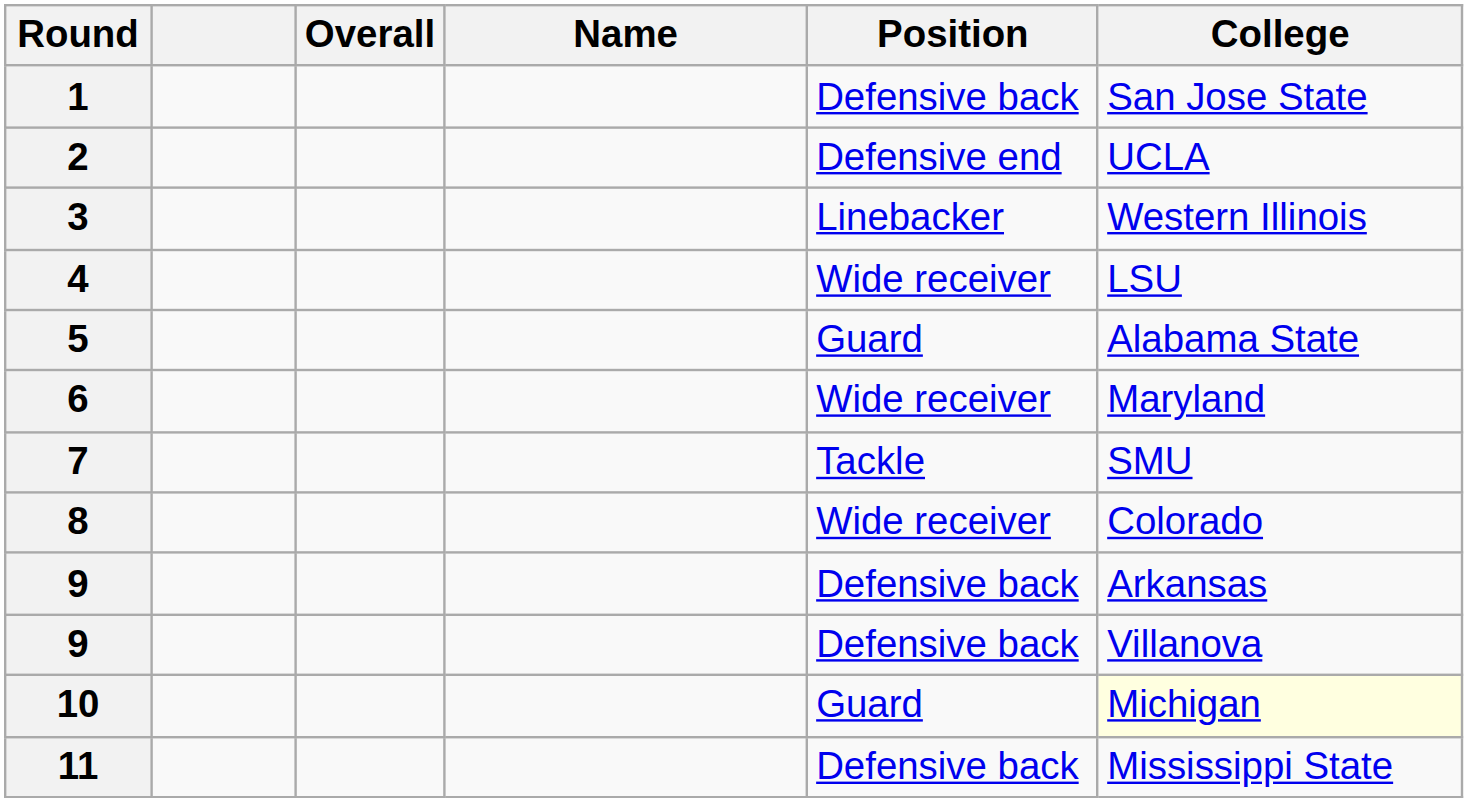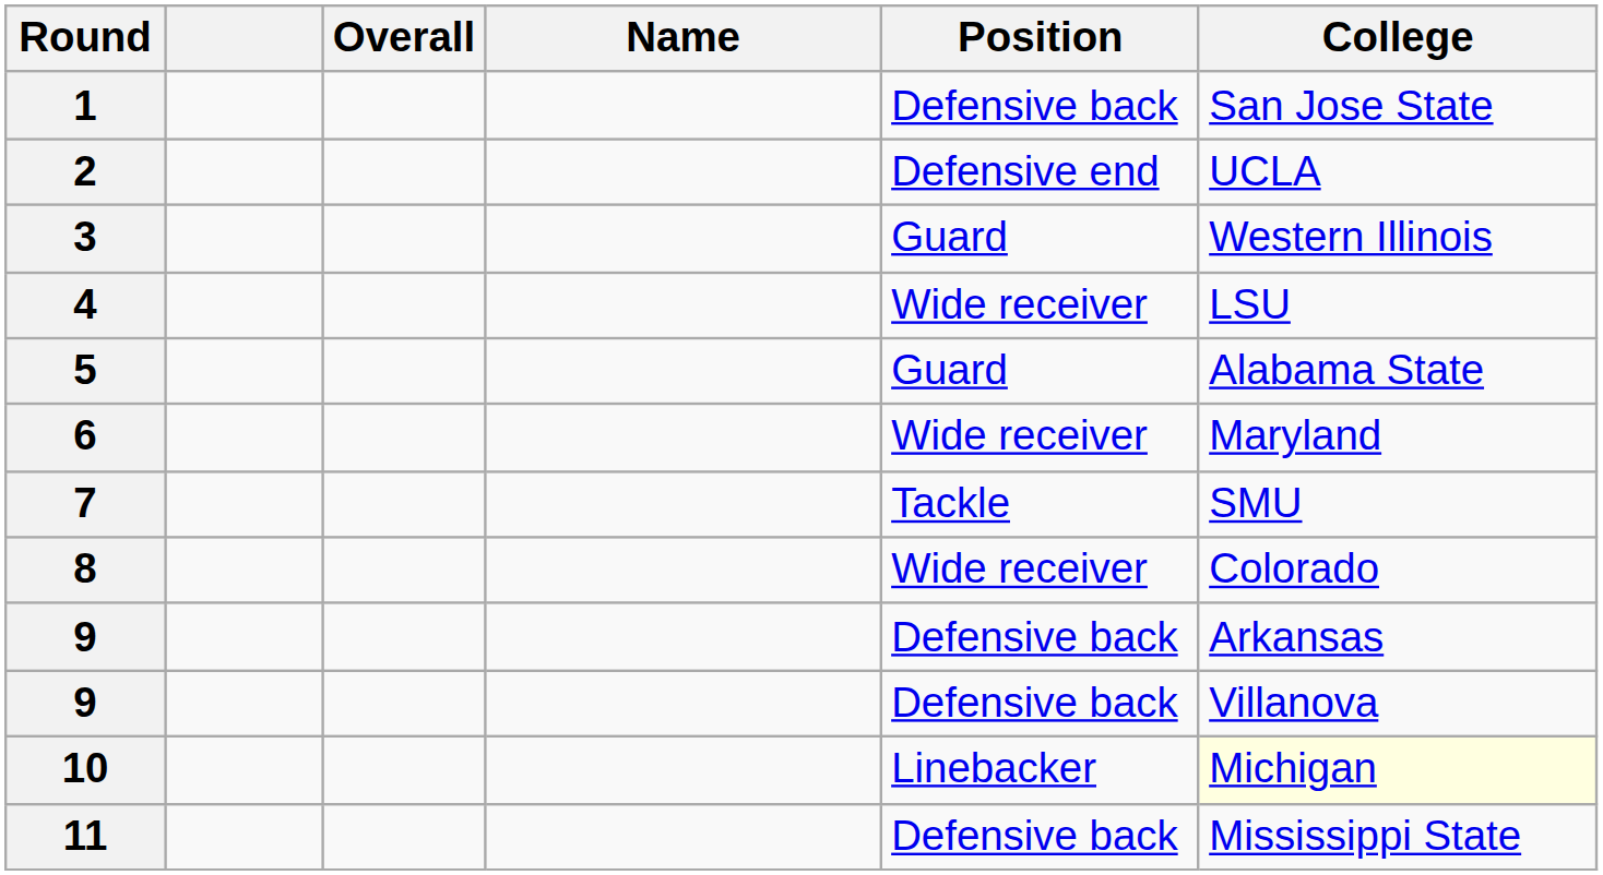 <table class="wikitable sortable">
 <tr>
 <th scope="col" style="width: 10%;">Round</th>
 <th scope="col" style="width: 10%;"></th>
 <th scope="col" style="width: 10%;">Overall</th>
 <th scope="col" style="width: 25%;">Name</th>
 <th scope="col" style="width: 20%;">Position</th>
 <th scope="col" style="width: 25%;">College</th>
 </tr>
 <tr>
 <th scope="row">1</th>
 <td></td>
 <td></td>
 <td></td>
 <td><a href='#'>Defensive back</a></td>
 <td><a href='#'>San Jose State</a></td>
 </tr>
 <tr>
 <th scope="row">2</th>
 <td></td>
 <td></td>
 <td></td>
 <td><a href='#'>Defensive end</a></td>
 <td><a href='#'>UCLA</a></td>
 </tr>
 <tr>
 <th scope="row">3</th>
 <td></td>
 <td></td>
 <td></td>
-<td><a href='#'>Linebacker</a></td>
+<td><a href='#'>Guard</a></td>
 <td><a href='#'>Western Illinois</a></td>
 </tr>
 <tr>
 <th scope="row">4</th>
 <td></td>
 <td></td>
 <td></td>
 <td><a href='#'>Wide receiver</a></td>
 <td><a href='#'>LSU</a></td>
 </tr>
 <tr>
 <th scope="row">5</th>
 <td></td>
 <td></td>
 <td></td>
 <td><a href='#'>Guard</a></td>
 <td><a href='#'>Alabama State</a></td>
 </tr>
 <tr>
 <th scope="row">6</th>
 <td></td>
 <td></td>
 <td></td>
 <td><a href='#'>Wide receiver</a></td>
 <td><a href='#'>Maryland</a></td>
 </tr>
 <tr>
 <th scope="row">7</th>
 <td></td>
 <td></td>
 <td></td>
 <td><a href='#'>Tackle</a></td>
 <td><a href='#'>SMU</a></td>
 </tr>
 <tr>
 <th scope="row">8</th>
 <td></td>
 <td></td>
 <td></td>
 <td><a href='#'>Wide receiver</a></td>
 <td><a href='#'>Colorado</a></td>
 </tr>
 <tr>
 <th scope="row">9</th>
 <td></td>
 <td></td>
 <td></td>
 <td><a href='#'>Defensive back</a></td>
 <td><a href='#'>Arkansas</a></td>
 </tr>
 <tr>
 <th scope="row">9</th>
 <td></td>
 <td></td>
 <td></td>
 <td><a href='#'>Defensive back</a></td>
 <td><a href='#'>Villanova</a></td>
 </tr>
 <tr>
 <th scope="row">10</th>
 <td></td>
 <td></td>
 <td></td>
-<td><a href='#'>Guard</a></td>
+<td><a href='#'>Linebacker</a></td>
 <td style="background: lightyellow;"><a href='#'>Michigan</a></td>
 </tr>
 <tr>
 <th scope="row">11</th>
 <td></td>
 <td></td>
 <td></td>
 <td><a href='#'>Defensive back</a></td>
 <td><a href='#'>Mississippi State</a></td>
 </tr>
 </table>
